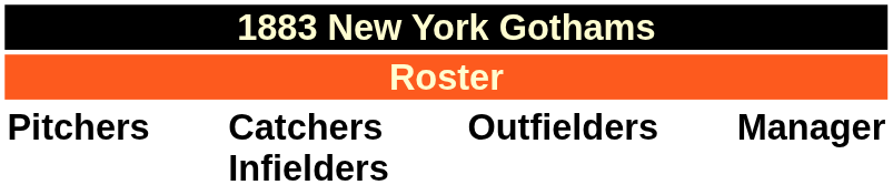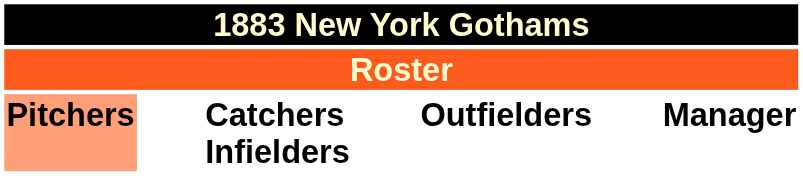 <table class="toccolours" style="font-size: 95%;">
 <tr>
 <th colspan="10" style="background-color: black; color: #FFFDD0; text-align: center;">1883 New York Gothams</th>
 </tr>
 <tr>
 <td colspan="10" style="background-color: #fd5a1e; color: #FFFDD0; text-align: center;"><strong>Roster</strong></td>
 </tr>
 <tr>
-<td valign="top"><strong>Pitchers</strong><br>  </td>
+<td valign="top" style="background: lightsalmon;"><strong>Pitchers</strong><br>  </td>
 <td width="25px"></td>
 <td valign="top"><strong>Catchers</strong><br>   <strong>Infielders</strong>    </td>
 <td width="25px"></td>
 <td valign="top"><strong>Outfielders</strong><br>     </td>
 <td width="25px"></td>
 <td valign="top"><strong>Manager</strong><br></td>
 </tr>
 </table>
